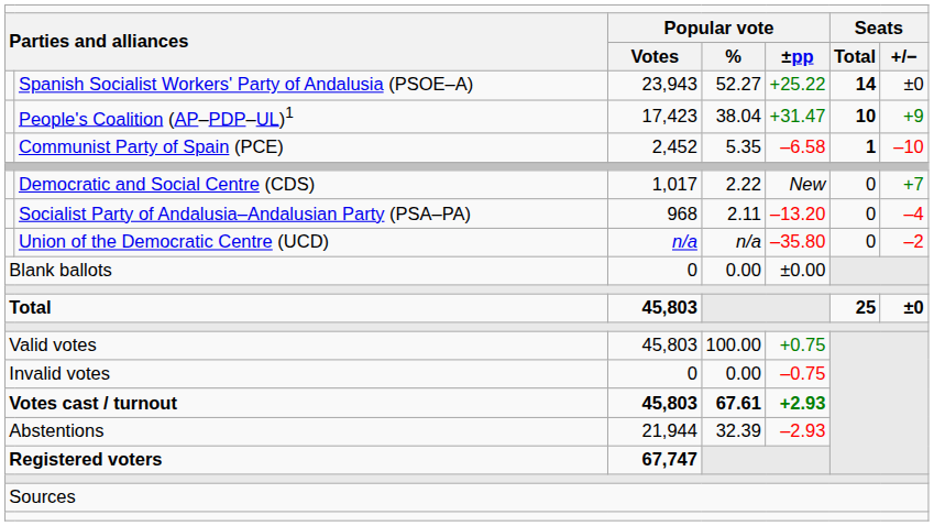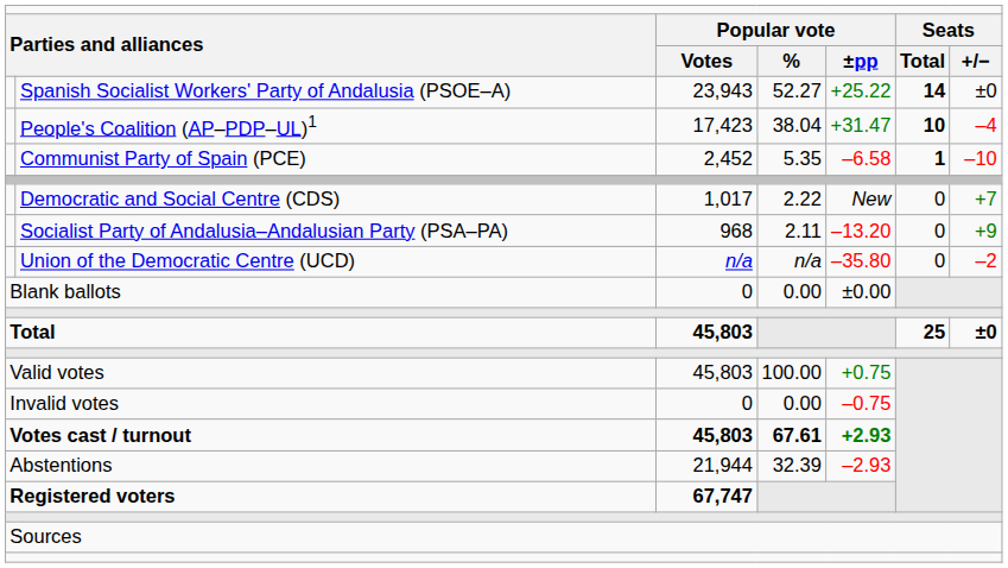 <table class="wikitable" style="text-align:right;">
 <tr>
 <td colspan="7"></td>
 </tr>
 <tr>
 <th style="text-align:left;" rowspan="2" colspan="2" width="525">Parties and alliances</th>
 <th colspan="3">Popular vote</th>
 <th colspan="2">Seats</th>
 </tr>
 <tr>
 <th width="75">Votes</th>
 <th width="45">%</th>
 <th width="45">±<a href='#'>pp</a></th>
 <th width="35">Total</th>
 <th width="35">+/−</th>
 </tr>
 <tr>
 <td width="1" style="color:inherit;background:"></td>
 <td align="left"><a href='#'>Spanish Socialist Workers' Party of Andalusia</a> (PSOE–A)</td>
 <td>23,943</td>
 <td>52.27</td>
 <td style="color:green;">+25.22</td>
 <td><strong>14</strong></td>
 <td>±0</td>
 </tr>
 <tr>
 <td style="color:inherit;background:"></td>
 <td align="left"><a href='#'>People's Coalition</a> (<a href='#'>AP</a>–<a href='#'>PDP</a>–<a href='#'>UL</a>)<sup>1</sup></td>
 <td>17,423</td>
 <td>38.04</td>
 <td style="color:green;">+31.47</td>
 <td><strong>10</strong></td>
-<td style="color:green;">+9</td>
+<td style="color:red;">–4</td>
 </tr>
 <tr>
 <td style="color:inherit;background:"></td>
 <td align="left"><a href='#'>Communist Party of Spain</a> (PCE)</td>
 <td>2,452</td>
 <td>5.35</td>
 <td style="color:red;">–6.58</td>
 <td><strong>1</strong></td>
 <td style="color:red;">–10</td>
 </tr>
 <tr>
 <td colspan="7" bgcolor="#C0C0C0"></td>
 </tr>
 <tr>
 <td style="color:inherit;background:"></td>
 <td align="left"><a href='#'>Democratic and Social Centre</a> (CDS)</td>
 <td>1,017</td>
 <td>2.22</td>
 <td><em>New</em></td>
 <td>0</td>
 <td style="color:green;">+7</td>
 </tr>
 <tr>
 <td style="color:inherit;background:"></td>
 <td align="left"><a href='#'>Socialist Party of Andalusia–Andalusian Party</a> (PSA–PA)</td>
 <td>968</td>
 <td>2.11</td>
 <td style="color:red;">–13.20</td>
 <td>0</td>
-<td style="color:red;">–4</td>
+<td style="color:green;">+9</td>
 </tr>
 <tr>
 <td style="color:inherit;background:"></td>
 <td align="left"><a href='#'>Union of the Democratic Centre</a> (UCD)</td>
 <td><em><a href='#'>n/a</a></em></td>
 <td><em>n/a</em></td>
 <td style="color:red;">–35.80</td>
 <td>0</td>
 <td style="color:red;">–2</td>
 </tr>
 <tr>
 <td align="left" colspan="2">Blank ballots</td>
 <td>0</td>
 <td>0.00</td>
 <td>±0.00</td>
 <td bgcolor="#E9E9E9" colspan="2"></td>
 </tr>
 <tr>
 <td colspan="7" bgcolor="#E9E9E9"></td>
 </tr>
 <tr style="font-weight:bold;">
 <td align="left" colspan="2">Total</td>
 <td>45,803</td>
 <td bgcolor="#E9E9E9" colspan="2"></td>
 <td>25</td>
 <td>±0</td>
 </tr>
 <tr>
 <td colspan="7" bgcolor="#E9E9E9"></td>
 </tr>
 <tr>
 <td align="left" colspan="2">Valid votes</td>
 <td>45,803</td>
 <td>100.00</td>
 <td style="color:green;">+0.75</td>
 <td bgcolor="#E9E9E9" colspan="2" rowspan="5"></td>
 </tr>
 <tr>
 <td align="left" colspan="2">Invalid votes</td>
 <td>0</td>
 <td>0.00</td>
 <td style="color:red;">–0.75</td>
 </tr>
 <tr style="font-weight:bold;">
 <td align="left" colspan="2">Votes cast / turnout</td>
 <td>45,803</td>
 <td>67.61</td>
 <td style="color:green;">+2.93</td>
 </tr>
 <tr>
 <td align="left" colspan="2">Abstentions</td>
 <td>21,944</td>
 <td>32.39</td>
 <td style="color:red;">–2.93</td>
 </tr>
 <tr style="font-weight:bold;">
 <td align="left" colspan="2">Registered voters</td>
 <td>67,747</td>
 <td bgcolor="#E9E9E9" colspan="2"></td>
 </tr>
 <tr>
 <td colspan="7" bgcolor="#E9E9E9"></td>
 </tr>
 <tr>
 <td align="left" colspan="7">Sources</td>
 </tr>
 <tr>
 <td colspan="7" style="text-align:left; max-width:790px;"></td>
 </tr>
 </table>
